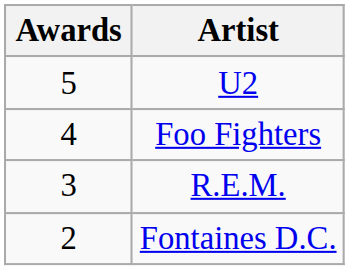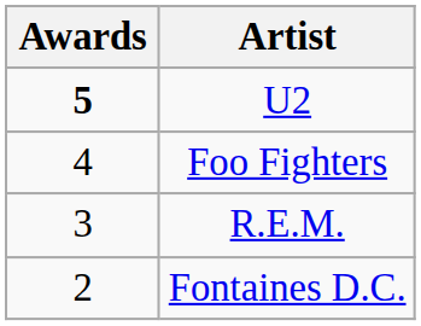 <table class="wikitable" rowspan="2" style="text-align:center;">
 <tr>
 <th scope="col" style="width:55px;">Awards</th>
 <th scope="col" style="text-align:center;">Artist</th>
 </tr>
 <tr>
-<td>5</td>
+<td><strong>5</strong></td>
 <td><a href='#'>U2</a></td>
 </tr>
 <tr>
 <td>4</td>
 <td><a href='#'>Foo Fighters</a></td>
 </tr>
 <tr>
 <td>3</td>
 <td><a href='#'>R.E.M.</a></td>
 </tr>
 <tr>
 <td>2</td>
 <td><a href='#'>Fontaines D.C.</a></td>
 </tr>
 </table>
